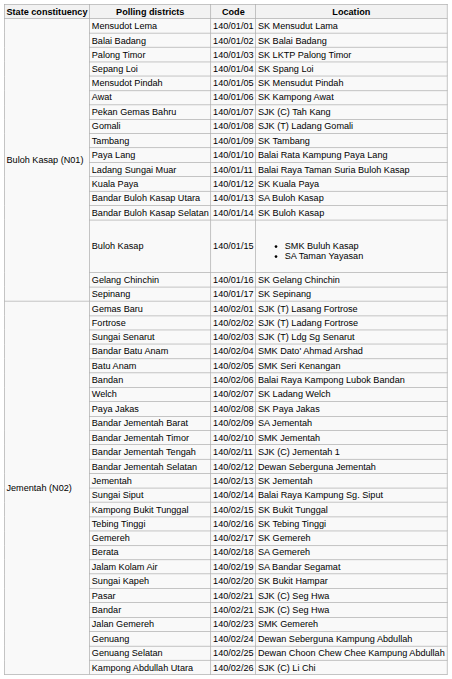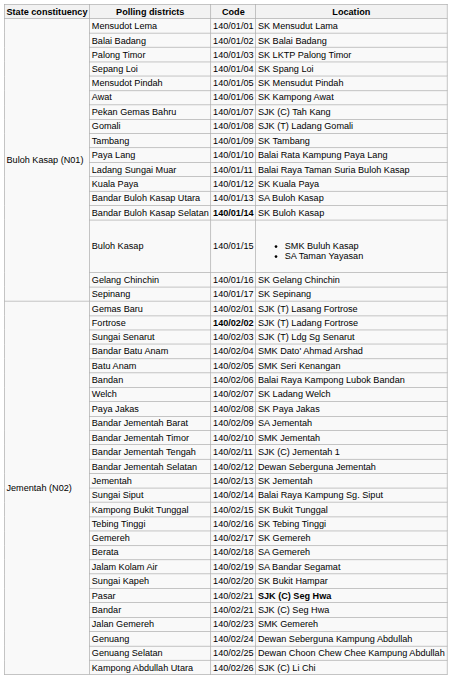 <table class="wikitable sortable mw-collapsible" style="white-space:nowrap;font-size:85%">
 <tr>
 <th>State constituency</th>
 <th>Polling districts</th>
 <th>Code</th>
 <th>Location</th>
 </tr>
 <tr>
 <td rowspan="17">Buloh Kasap (N01)</td>
 <td>Mensudot Lema</td>
 <td>140/01/01</td>
 <td>SK Mensudut Lama</td>
 </tr>
 <tr>
 <td>Balai Badang</td>
 <td>140/01/02</td>
 <td>SK Balai Badang</td>
 </tr>
 <tr>
 <td>Palong Timor</td>
 <td>140/01/03</td>
 <td>SK LKTP Palong Timor</td>
 </tr>
 <tr>
 <td>Sepang Loi</td>
 <td>140/01/04</td>
 <td>SK Spang Loi</td>
 </tr>
 <tr>
 <td>Mensudot Pindah</td>
 <td>140/01/05</td>
 <td>SK Mensudut Pindah</td>
 </tr>
 <tr>
 <td>Awat</td>
 <td>140/01/06</td>
 <td>SK Kampong Awat</td>
 </tr>
 <tr>
 <td>Pekan Gemas Bahru</td>
 <td>140/01/07</td>
 <td>SJK (C) Tah Kang</td>
 </tr>
 <tr>
 <td>Gomali</td>
 <td>140/01/08</td>
 <td>SJK (T) Ladang Gomali</td>
 </tr>
 <tr>
 <td>Tambang</td>
 <td>140/01/09</td>
 <td>SK Tambang</td>
 </tr>
 <tr>
 <td>Paya Lang</td>
 <td>140/01/10</td>
 <td>Balai Rata Kampung Paya Lang</td>
 </tr>
 <tr>
 <td>Ladang Sungai Muar</td>
 <td>140/01/11</td>
 <td>Balai Raya Taman Suria Buloh Kasap</td>
 </tr>
 <tr>
 <td>Kuala Paya</td>
 <td>140/01/12</td>
 <td>SK Kuala Paya</td>
 </tr>
 <tr>
 <td>Bandar Buloh Kasap Utara</td>
 <td>140/01/13</td>
 <td>SA Buloh Kasap</td>
 </tr>
 <tr>
 <td>Bandar Buloh Kasap Selatan</td>
-<td>140/01/14</td>
+<td><strong>140/01/14</strong></td>
 <td>SK Buloh Kasap</td>
 </tr>
 <tr>
 <td>Buloh Kasap</td>
 <td>140/01/15</td>
 <td><br><ul><li>SMK Buluh Kasap</li><li>SA Taman Yayasan</li></ul></td>
 </tr>
 <tr>
 <td>Gelang Chinchin</td>
 <td>140/01/16</td>
 <td>SK Gelang Chinchin</td>
 </tr>
 <tr>
 <td>Sepinang</td>
 <td>140/01/17</td>
 <td>SK Sepinang</td>
 </tr>
 <tr>
 <td rowspan="26">Jementah (N02)</td>
 <td>Gemas Baru</td>
 <td>140/02/01</td>
 <td>SJK (T) Lasang Fortrose</td>
 </tr>
 <tr>
 <td>Fortrose</td>
-<td>140/02/02</td>
+<td><strong>140/02/02</strong></td>
 <td>SJK (T) Ladang Fortrose</td>
 </tr>
 <tr>
 <td>Sungai Senarut</td>
 <td>140/02/03</td>
 <td>SJK (T) Ldg Sg Senarut</td>
 </tr>
 <tr>
 <td>Bandar Batu Anam</td>
 <td>140/02/04</td>
 <td>SMK Dato' Ahmad Arshad</td>
 </tr>
 <tr>
 <td>Batu Anam</td>
 <td>140/02/05</td>
 <td>SMK Seri Kenangan</td>
 </tr>
 <tr>
 <td>Bandan</td>
 <td>140/02/06</td>
 <td>Balai Raya Kampong Lubok Bandan</td>
 </tr>
 <tr>
 <td>Welch</td>
 <td>140/02/07</td>
 <td>SK Ladang Welch</td>
 </tr>
 <tr>
 <td>Paya Jakas</td>
 <td>140/02/08</td>
 <td>SK Paya Jakas</td>
 </tr>
 <tr>
 <td>Bandar Jementah Barat</td>
 <td>140/02/09</td>
 <td>SA Jementah</td>
 </tr>
 <tr>
 <td>Bandar Jementah Timor</td>
 <td>140/02/10</td>
 <td>SMK Jementah</td>
 </tr>
 <tr>
 <td>Bandar Jementah Tengah</td>
 <td>140/02/11</td>
 <td>SJK (C) Jementah 1</td>
 </tr>
 <tr>
 <td>Bandar Jementah Selatan</td>
 <td>140/02/12</td>
 <td>Dewan Seberguna Jementah</td>
 </tr>
 <tr>
 <td>Jementah</td>
 <td>140/02/13</td>
 <td>SK Jementah</td>
 </tr>
 <tr>
 <td>Sungai Siput</td>
 <td>140/02/14</td>
 <td>Balai Raya Kampung Sg. Siput</td>
 </tr>
 <tr>
 <td>Kampong Bukit Tunggal</td>
 <td>140/02/15</td>
 <td>SK Bukit Tunggal</td>
 </tr>
 <tr>
 <td>Tebing Tinggi</td>
 <td>140/02/16</td>
 <td>SK Tebing Tinggi</td>
 </tr>
 <tr>
 <td>Gemereh</td>
 <td>140/02/17</td>
 <td>SK Gemereh</td>
 </tr>
 <tr>
 <td>Berata</td>
 <td>140/02/18</td>
 <td>SA Gemereh</td>
 </tr>
 <tr>
 <td>Jalam Kolam Air</td>
 <td>140/02/19</td>
 <td>SA Bandar Segamat</td>
 </tr>
 <tr>
 <td>Sungai Kapeh</td>
 <td>140/02/20</td>
 <td>SK Bukit Hampar</td>
 </tr>
 <tr>
 <td>Pasar</td>
 <td>140/02/21</td>
-<td>SJK (C) Seg Hwa</td>
+<td><strong>SJK (C) Seg Hwa</strong></td>
 </tr>
 <tr>
 <td>Bandar</td>
 <td>140/02/21</td>
 <td>SJK (C) Seg Hwa</td>
 </tr>
 <tr>
 <td>Jalan Gemereh</td>
 <td>140/02/23</td>
 <td>SMK Gemereh</td>
 </tr>
 <tr>
 <td>Genuang</td>
 <td>140/02/24</td>
 <td>Dewan Seberguna Kampung Abdullah</td>
 </tr>
 <tr>
 <td>Genuang Selatan</td>
 <td>140/02/25</td>
 <td>Dewan Choon Chew Chee Kampung Abdullah</td>
 </tr>
 <tr>
 <td>Kampong Abdullah Utara</td>
 <td>140/02/26</td>
 <td>SJK (C) Li Chi</td>
 </tr>
 </table>
